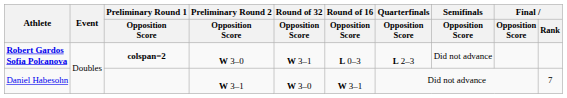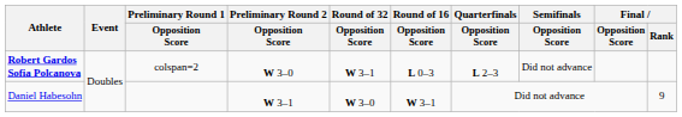 <table class=wikitable style=font-size:90%;text-align:center>
 <tr>
 <th rowspan=2>Athlete</th>
 <th rowspan=2>Event</th>
 <th>Preliminary Round 1</th>
 <th>Preliminary Round 2</th>
 <th>Round of 32</th>
 <th>Round of 16</th>
 <th>Quarterfinals</th>
 <th>Semifinals</th>
 <th colspan=2>Final / </th>
 </tr>
 <tr style=font-size:95%>
 <th>Opposition<br>Score</th>
 <th>Opposition<br>Score</th>
 <th>Opposition<br>Score</th>
 <th>Opposition<br>Score</th>
 <th>Opposition<br>Score</th>
 <th>Opposition<br>Score</th>
 <th>Opposition<br>Score</th>
 <th>Rank</th>
 </tr>
 <tr>
 <td align=left><strong><a href='#'>Robert Gardos</a><br><a href='#'>Sofia Polcanova</a></strong></td>
 <td align=left rowspan=2>Doubles</td>
-<td><strong>colspan=2</strong></td>
+<td>colspan=2</td>
 <td><br><strong>W</strong> 3–0</td>
 <td><br><strong>W</strong> 3–1</td>
 <td><br><strong>L</strong> 0–3</td>
 <td><br><strong>L</strong> 2–3</td>
 <td>Did not advance</td>
 <td></td>
 </tr>
 <tr>
 <td align=left><a href='#'>Daniel Habesohn</a><br></td>
 <td></td>
 <td><br><strong>W</strong> 3–1</td>
 <td><br><strong>W</strong> 3–0</td>
 <td><br><strong>W</strong> 3–1</td>
 <td colspan=3>Did not advance</td>
-<td>7</td>
+<td>9</td>
 </tr>
 </table>
